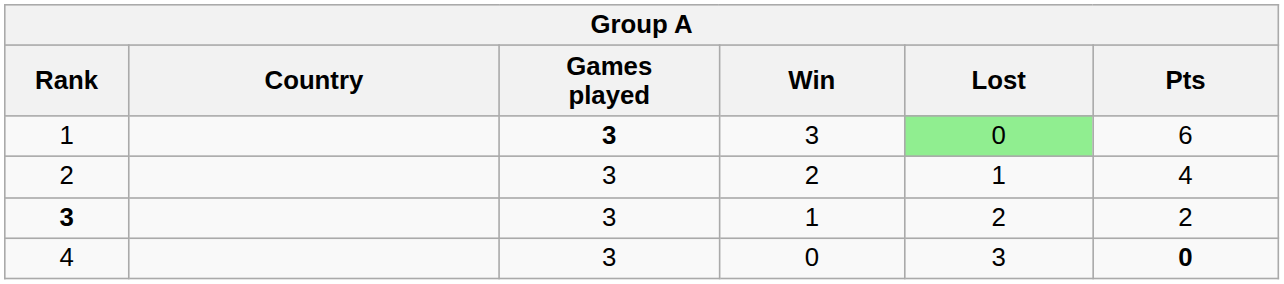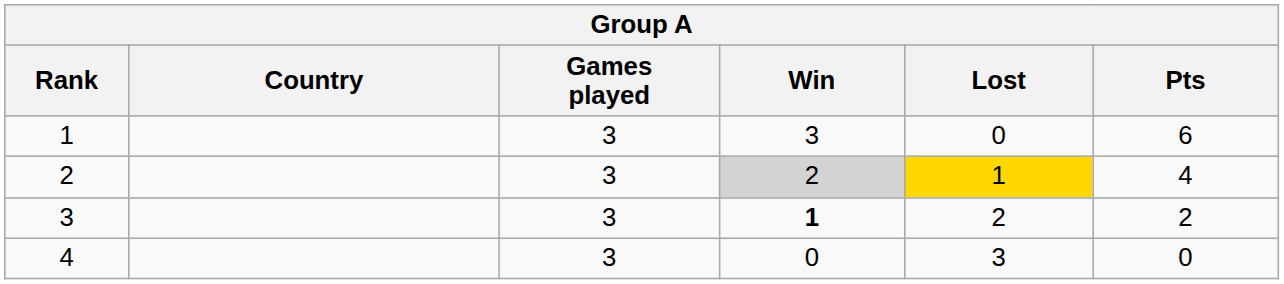 <table class="wikitable" style="text-align: center; Width:50%">
 <tr>
 <th colspan="6">Group A</th>
 </tr>
 <tr>
 <th width="2%">Rank</th>
 <th width="10%">Country</th>
 <th width="5%">Games <br> played</th>
 <th width="5%">Win</th>
 <th width="5%">Lost</th>
 <th width="5%">Pts</th>
 </tr>
 <tr>
 <td>1</td>
 <td style="text-align: left"></td>
-<td><strong>3</strong></td>
 <td>3</td>
-<td style="background: lightgreen;">0</td>
+<td>3</td>
+<td>0</td>
 <td>6</td>
 </tr>
 <tr>
 <td>2</td>
 <td style="text-align: left"></td>
 <td>3</td>
-<td>2</td>
-<td>1</td>
+<td style="background: lightgrey;">2</td>
+<td style="background: gold;">1</td>
 <td>4</td>
 </tr>
 <tr>
-<td><strong>3</strong></td>
+<td>3</td>
 <td style="text-align: left"></td>
 <td>3</td>
-<td>1</td>
+<td><strong>1</strong></td>
 <td>2</td>
 <td>2</td>
 </tr>
 <tr>
 <td>4</td>
 <td style="text-align: left"></td>
 <td>3</td>
 <td>0</td>
 <td>3</td>
-<td><strong>0</strong></td>
+<td>0</td>
 </tr>
 </table>
